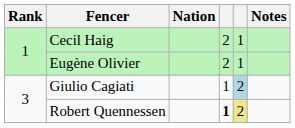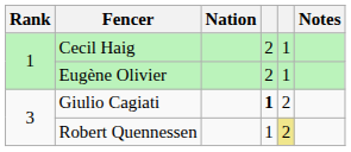 <table class="wikitable sortable" style="text-align:center">
 <tr>
 <th>Rank</th>
 <th>Fencer</th>
 <th>Nation</th>
 <th></th>
 <th></th>
 <th>Notes</th>
 </tr>
 <tr bgcolor=bbf3bb>
 <td rowspan=2>1</td>
 <td align=left>Cecil Haig</td>
 <td align=left></td>
 <td>2</td>
 <td>1</td>
 <td></td>
 </tr>
 <tr bgcolor=bbf3bb>
 <td align=left>Eugène Olivier</td>
 <td align=left></td>
 <td>2</td>
 <td>1</td>
 <td></td>
 </tr>
 <tr>
 <td rowspan=2>3</td>
 <td align=left>Giulio Cagiati</td>
 <td align=left></td>
-<td>1</td>
-<td style="background: lightblue;">2</td>
+<td><strong>1</strong></td>
+<td>2</td>
 <td></td>
 </tr>
 <tr>
 <td align=left>Robert Quennessen</td>
 <td align=left></td>
-<td><strong>1</strong></td>
+<td>1</td>
 <td style="background: khaki;">2</td>
 <td></td>
 </tr>
 </table>
